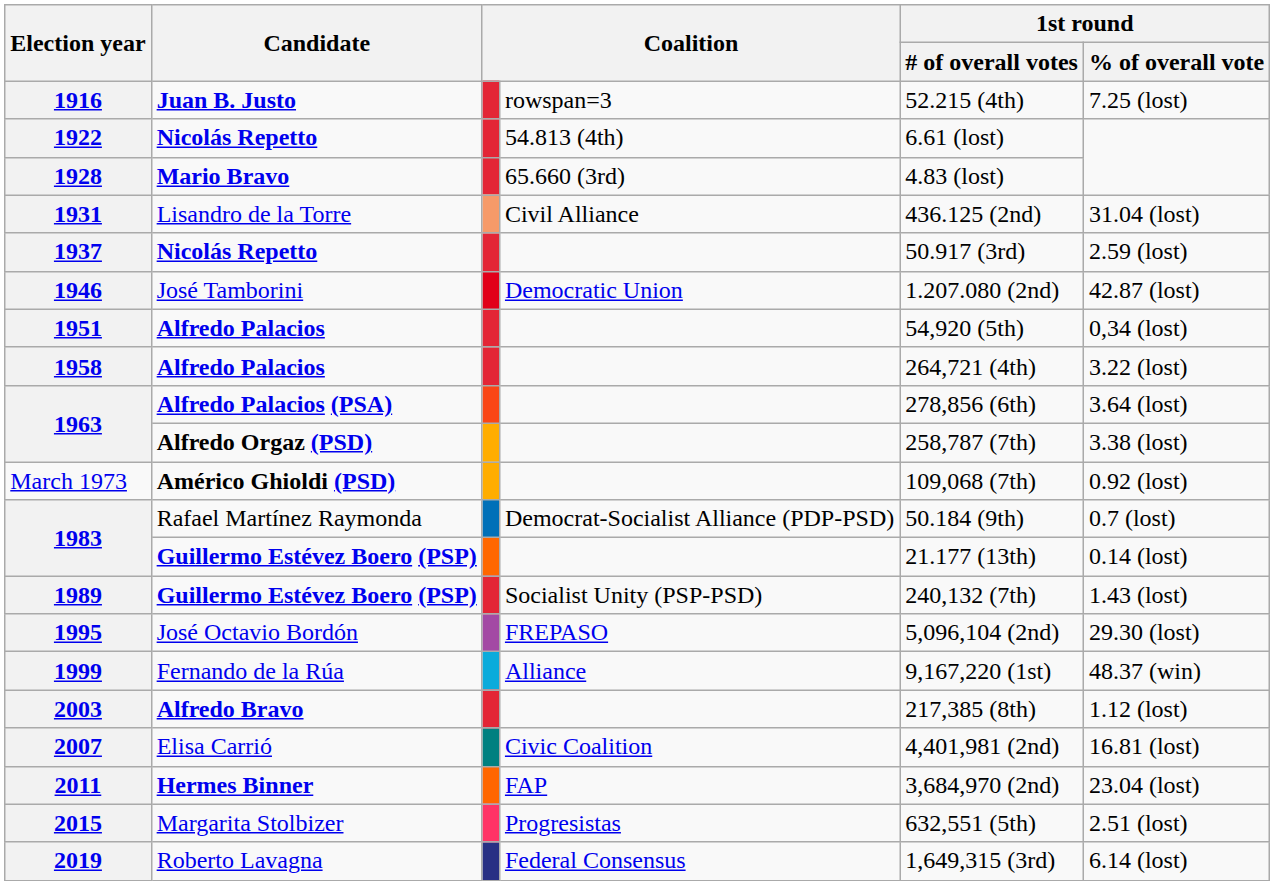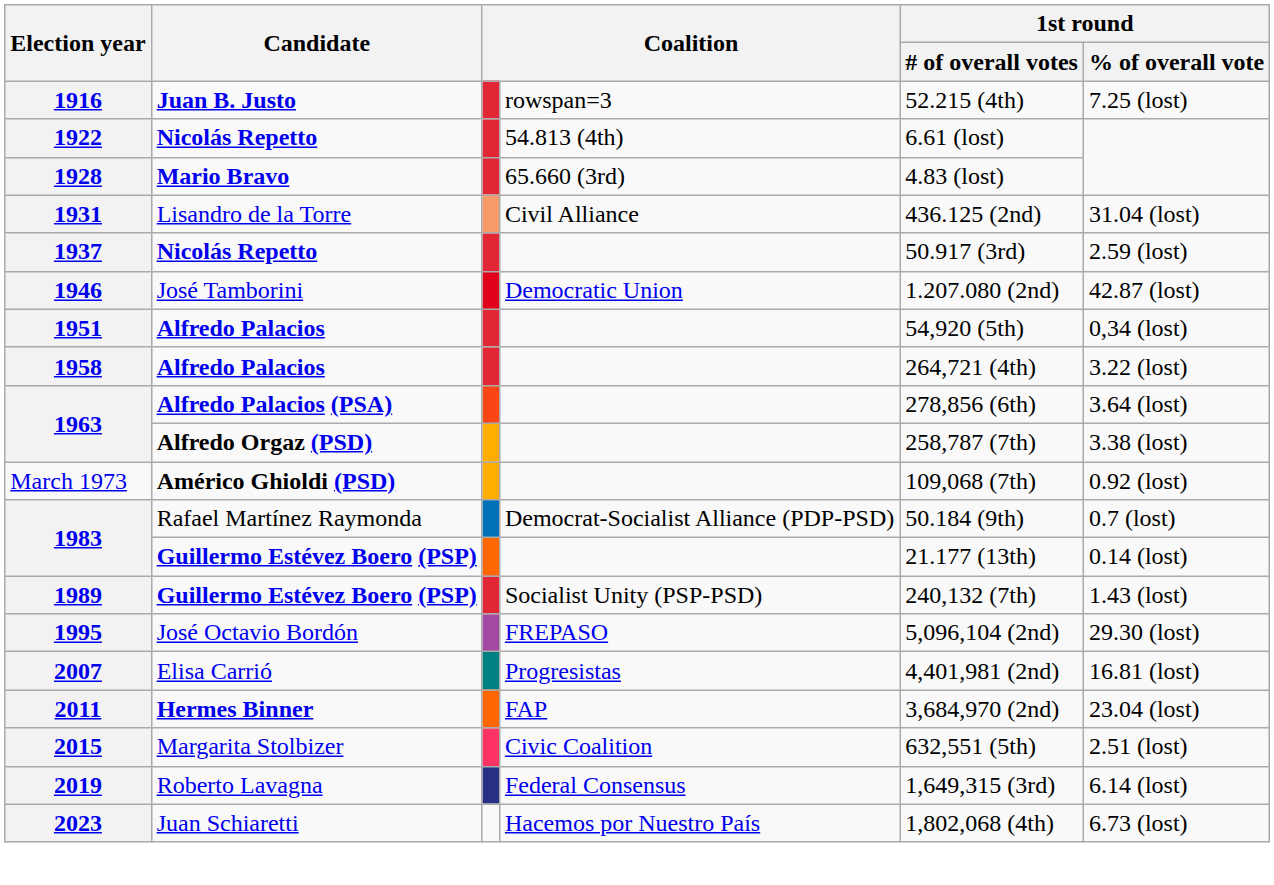 <table class=wikitable>
 <tr>
 <th rowspan=2>Election year</th>
 <th rowspan=2>Candidate</th>
 <th rowspan=2 colspan=2>Coalition</th>
 <th colspan=2>1st round</th>
 </tr>
 <tr>
 <th># of overall votes</th>
 <th>% of overall vote</th>
 </tr>
 <tr>
 <th><a href='#'>1916</a></th>
 <td><strong><a href='#'>Juan B. Justo</a></strong></td>
 <td bgcolor=#E32636> </td>
 <td>rowspan=3 </td>
 <td>52.215 (4th)</td>
 <td>7.25 (lost)</td>
 </tr>
 <tr>
 <th><a href='#'>1922</a></th>
 <td><strong><a href='#'>Nicolás Repetto</a></strong></td>
 <td bgcolor=#E32636> </td>
 <td>54.813 (4th)</td>
 <td>6.61 (lost)</td>
 </tr>
 <tr>
 <th><a href='#'>1928</a></th>
 <td><strong><a href='#'>Mario Bravo</a></strong></td>
 <td bgcolor=#E32636> </td>
 <td>65.660 (3rd)</td>
 <td>4.83 (lost)</td>
 </tr>
 <tr>
 <th><a href='#'>1931</a></th>
 <td><a href='#'>Lisandro de la Torre</a></td>
 <td bgcolor=#F69A69> </td>
 <td>Civil Alliance</td>
 <td>436.125 (2nd)</td>
 <td>31.04 (lost)</td>
 </tr>
 <tr>
 <th><a href='#'>1937</a></th>
 <td><strong><a href='#'>Nicolás Repetto</a></strong></td>
 <td bgcolor=#E32636> </td>
 <td></td>
 <td>50.917 (3rd)</td>
 <td>2.59 (lost)</td>
 </tr>
 <tr>
 <th><a href='#'>1946</a></th>
 <td><a href='#'>José Tamborini</a></td>
 <td bgcolor=#E10019> </td>
 <td><a href='#'>Democratic Union</a></td>
 <td>1.207.080 (2nd)</td>
 <td>42.87 (lost)</td>
 </tr>
 <tr>
 <th><a href='#'>1951</a></th>
 <td><strong><a href='#'>Alfredo Palacios</a></strong></td>
 <td bgcolor=#E32636> </td>
 <td></td>
 <td>54,920 (5th)</td>
 <td>0,34 (lost)</td>
 </tr>
 <tr>
 <th><a href='#'>1958</a></th>
 <td><strong><a href='#'>Alfredo Palacios</a></strong></td>
 <td bgcolor=#E32636> </td>
 <td></td>
 <td>264,721 (4th)</td>
 <td>3.22 (lost)</td>
 </tr>
 <tr>
 <th rowspan="2"><a href='#'>1963</a></th>
 <td><strong><a href='#'>Alfredo Palacios</a> <a href='#'>(PSA)</a></strong></td>
 <td bgcolor=#FA4616> </td>
 <td></td>
 <td>278,856 (6th)</td>
 <td>3.64 (lost)</td>
 </tr>
 <tr>
 <td><strong>Alfredo Orgaz <a href='#'>(PSD)</a></strong></td>
 <td bgcolor=#FFAD00> </td>
 <td></td>
 <td>258,787 (7th)</td>
 <td>3.38 (lost)</td>
 </tr>
 <tr>
 <td><a href='#'>March 1973</a></td>
 <td><strong>Américo Ghioldi <a href='#'>(PSD)</a></strong></td>
 <td bgcolor=#FFAD00> </td>
 <td></td>
 <td>109,068 (7th)</td>
 <td>0.92 (lost)</td>
 </tr>
 <tr>
 <th rowspan="2"><a href='#'>1983</a></th>
 <td>Rafael Martínez Raymonda</td>
 <td bgcolor=#0070B8> </td>
 <td>Democrat-Socialist Alliance (PDP-PSD)</td>
 <td>50.184 (9th)</td>
 <td>0.7 (lost)</td>
 </tr>
 <tr>
 <td><strong><a href='#'>Guillermo Estévez Boero</a> <a href='#'>(PSP)</a></strong></td>
 <td bgcolor=#FF6700> </td>
 <td></td>
 <td>21.177	 (13th)</td>
 <td>0.14 (lost)</td>
 </tr>
 <tr>
 <th><a href='#'>1989</a></th>
 <td><strong><a href='#'>Guillermo Estévez Boero</a> <a href='#'>(PSP)</a></strong></td>
 <td bgcolor=#E32636> </td>
 <td>Socialist Unity (PSP-PSD)</td>
 <td>240,132 (7th)</td>
 <td>1.43 (lost)</td>
 </tr>
 <tr>
 <th><a href='#'>1995</a></th>
 <td><a href='#'>José Octavio Bordón</a></td>
 <td bgcolor=#A349A4> </td>
 <td><a href='#'>FREPASO</a></td>
 <td>5,096,104 (2nd)</td>
 <td>29.30 (lost)</td>
 </tr>
 <tr>
-<th><a href='#'>1999</a></th>
-<td><a href='#'>Fernando de la Rúa</a></td>
-<td bgcolor=#0AABDB> </td>
-<td><a href='#'>Alliance</a></td>
-<td>9,167,220 (1st)</td>
-<td>48.37 (win)</td>
-</tr>
-<tr>
-<th><a href='#'>2003</a></th>
-<td><strong><a href='#'>Alfredo Bravo</a></strong></td>
-<td bgcolor=#E32636> </td>
-<td></td>
-<td>217,385 (8th)</td>
-<td>1.12 (lost)</td>
-</tr>
-<tr>
 <th><a href='#'>2007</a></th>
 <td><a href='#'>Elisa Carrió</a></td>
 <td bgcolor=#008080> </td>
-<td><a href='#'>Civic Coalition</a></td>
+<td><a href='#'>Progresistas</a></td>
 <td>4,401,981 (2nd)</td>
 <td>16.81 (lost)</td>
 </tr>
 <tr>
 <th><a href='#'>2011</a></th>
 <td><strong><a href='#'>Hermes Binner</a></strong></td>
 <td bgcolor=#FF6600> </td>
 <td><a href='#'>FAP</a></td>
 <td>3,684,970 (2nd)</td>
 <td>23.04 (lost)</td>
 </tr>
 <tr>
 <th><a href='#'>2015</a></th>
 <td><a href='#'>Margarita Stolbizer</a></td>
 <td bgcolor=#FF3366> </td>
-<td><a href='#'>Progresistas</a></td>
+<td><a href='#'>Civic Coalition</a></td>
 <td>632,551 (5th)</td>
 <td>2.51 (lost)</td>
 </tr>
 <tr>
 <th><a href='#'>2019</a></th>
 <td><a href='#'>Roberto Lavagna</a></td>
 <td bgcolor=#283084> </td>
 <td><a href='#'>Federal Consensus</a></td>
 <td>1,649,315 (3rd)</td>
 <td>6.14 (lost)</td>
 </tr>
+<tr>
+<th><a href='#'>2023</a></th>
+<td><a href='#'>Juan Schiaretti</a></td>
+<td bgcolor=> </td>
+<td><a href='#'>Hacemos por Nuestro País</a></td>
+<td>1,802,068 (4th)</td>
+<td>6.73 (lost)</td>
+</tr>
 </table>
